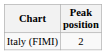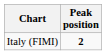 <table class="wikitable" style="text-align:center;">
 <tr>
 <th>Chart</th>
 <th>Peak<br>position</th>
 </tr>
 <tr>
 <td align="left">Italy (FIMI)</td>
-<td>2</td>
+<td><strong>2</strong></td>
 </tr>
 </table>
